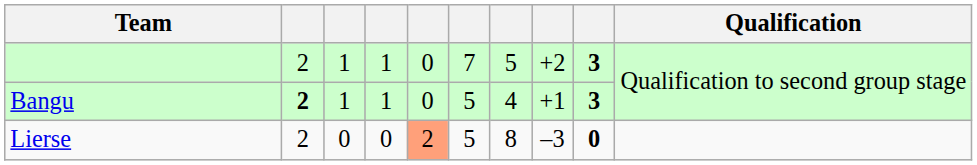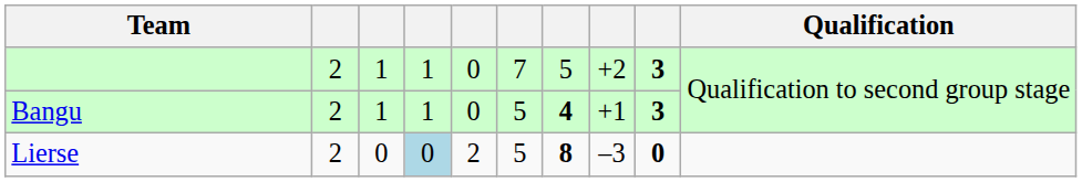 <table class="wikitable" style="text-align:center;">
 <tr>
 <th width=175>Team</th>
 <th width=20></th>
 <th width=20></th>
 <th width=20></th>
 <th width=20></th>
 <th width=20></th>
 <th width=20></th>
 <th width=20></th>
 <th width=20></th>
 <th>Qualification</th>
 </tr>
 <tr bgcolor="#ccffcc">
 <td align="left"></td>
 <td>2</td>
 <td>1</td>
 <td>1</td>
 <td>0</td>
 <td>7</td>
 <td>5</td>
 <td>+2</td>
 <td><strong>3</strong></td>
 <td rowspan="2">Qualification to second group stage</td>
 </tr>
 <tr bgcolor="#ccffcc">
 <td align="left"> <a href='#'>Bangu</a></td>
-<td><strong>2</strong></td>
+<td>2</td>
 <td>1</td>
 <td>1</td>
 <td>0</td>
 <td>5</td>
-<td>4</td>
+<td><strong>4</strong></td>
 <td>+1</td>
 <td><strong>3</strong></td>
 </tr>
 <tr>
 <td align="left"> <a href='#'>Lierse</a></td>
 <td>2</td>
 <td>0</td>
-<td>0</td>
-<td style="background: lightsalmon;">2</td>
+<td style="background: lightblue;">0</td>
+<td>2</td>
 <td>5</td>
-<td>8</td>
+<td><strong>8</strong></td>
 <td>–3</td>
 <td><strong>0</strong></td>
 <td></td>
 </tr>
 </table>
